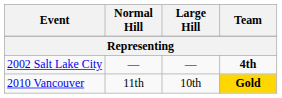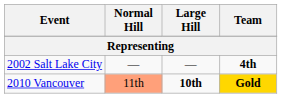 <table class="wikitable" style="text-align: center; text-align: center; href:2005–06 FIS Ski Jumping World Cup">
 <tr>
 <th>Event</th>
 <th style="width:70px;">Normal Hill</th>
 <th style="width:70px;">Large Hill</th>
 <th style="width:70px;">Team</th>
 </tr>
 <tr style="width:70px;" |Team>
 </tr>
 <tr>
 <th colspan="6">Representing </th>
 </tr>
 <tr>
 <td> <a href='#'>2002 Salt Lake City</a></td>
 <td>—</td>
 <td>—</td>
 <td><strong>4th</strong></td>
 </tr>
 <tr>
 <td align="left"> <a href='#'>2010 Vancouver</a></td>
-<td>11th</td>
-<td>10th</td>
+<td style="background: lightsalmon;">11th</td>
+<td><strong>10th</strong></td>
 <td style="background:gold; width:70px;"><strong>Gold</strong></td>
 </tr>
 </table>
